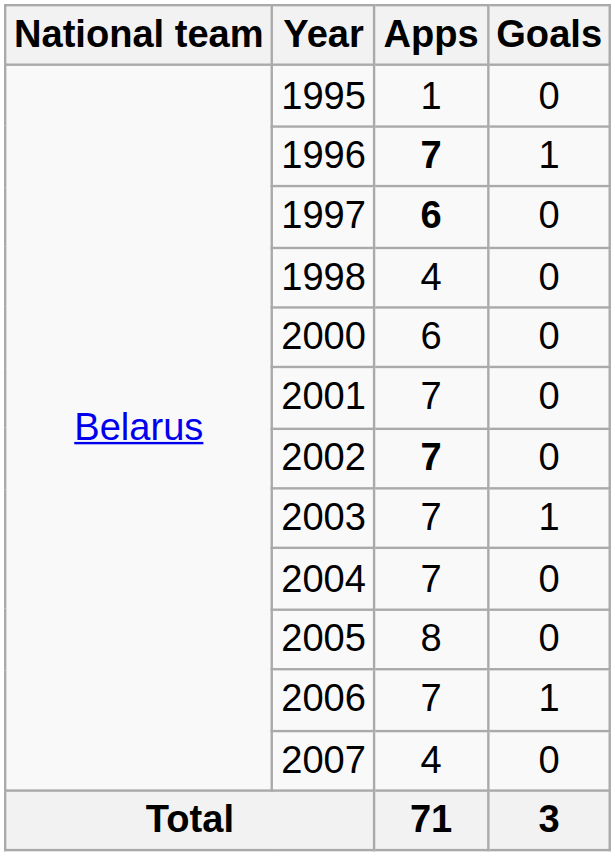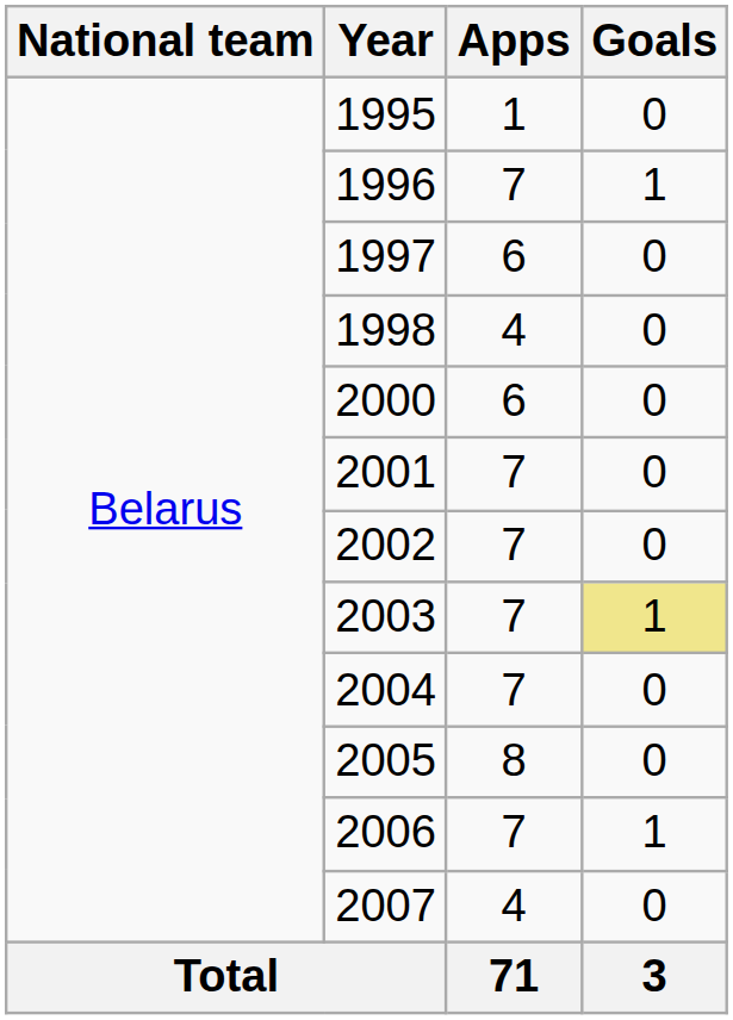 <table class="wikitable" style="text-align:center">
 <tr>
 <th>National team</th>
 <th>Year</th>
 <th>Apps</th>
 <th>Goals</th>
 </tr>
 <tr>
 <td rowspan="12"><a href='#'>Belarus</a></td>
 <td>1995</td>
 <td>1</td>
 <td>0</td>
 </tr>
 <tr>
 <td>1996</td>
-<td><strong>7</strong></td>
+<td>7</td>
 <td>1</td>
 </tr>
 <tr>
 <td>1997</td>
-<td><strong>6</strong></td>
+<td>6</td>
 <td>0</td>
 </tr>
 <tr>
 <td>1998</td>
 <td>4</td>
 <td>0</td>
 </tr>
 <tr>
 <td>2000</td>
 <td>6</td>
 <td>0</td>
 </tr>
 <tr>
 <td>2001</td>
 <td>7</td>
 <td>0</td>
 </tr>
 <tr>
 <td>2002</td>
-<td><strong>7</strong></td>
+<td>7</td>
 <td>0</td>
 </tr>
 <tr>
 <td>2003</td>
 <td>7</td>
-<td>1</td>
+<td style="background: khaki;">1</td>
 </tr>
 <tr>
 <td>2004</td>
 <td>7</td>
 <td>0</td>
 </tr>
 <tr>
 <td>2005</td>
 <td>8</td>
 <td>0</td>
 </tr>
 <tr>
 <td>2006</td>
 <td>7</td>
 <td>1</td>
 </tr>
 <tr>
 <td>2007</td>
 <td>4</td>
 <td>0</td>
 </tr>
 <tr>
 <th colspan="2">Total</th>
 <th>71</th>
 <th>3</th>
 </tr>
 </table>
